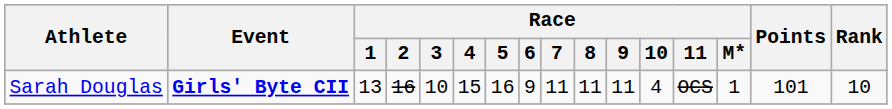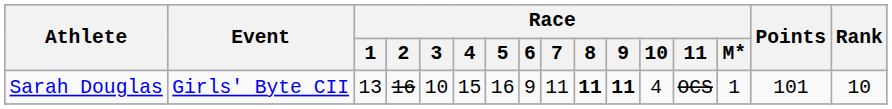 <table class="wikitable" border="1" style="font-size:90%">
 <tr>
 <th rowspan=2>Athlete</th>
 <th rowspan=2>Event</th>
 <th colspan=12>Race</th>
 <th rowspan=2>Points</th>
 <th rowspan=2>Rank</th>
 </tr>
 <tr>
 <th>1</th>
 <th>2</th>
 <th>3</th>
 <th>4</th>
 <th>5</th>
 <th>6</th>
 <th>7</th>
 <th>8</th>
 <th>9</th>
 <th>10</th>
 <th>11</th>
 <th>M*</th>
 </tr>
 <tr>
 <td><a href='#'>Sarah Douglas</a></td>
-<td><strong><a href='#'>Girls' Byte CII</a></strong></td>
+<td><a href='#'>Girls' Byte CII</a></td>
 <td align=center>13</td>
 <td align=center><s>16</s></td>
 <td align=center>10</td>
 <td align=center>15</td>
 <td align=center>16</td>
 <td align=center>9</td>
 <td align=center>11</td>
-<td align=center>11</td>
-<td align=center>11</td>
+<td align=center><strong>11</strong></td>
+<td align=center><strong>11</strong></td>
 <td align=center>4</td>
 <td align=center><s>OCS</s></td>
 <td align=center>1</td>
 <td align=center>101</td>
 <td align=center>10</td>
 </tr>
 </table>
